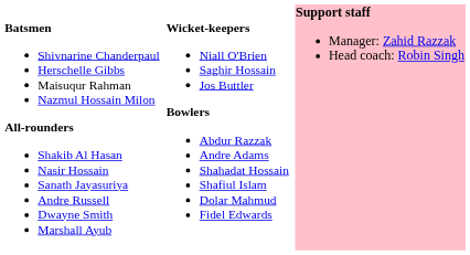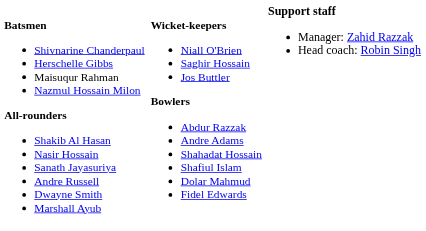 <table class="toccolours" style="text-align: left;">
 <tr>
 </tr>
 <tr>
 <td style="font-size: 95%;" valign="top"><br><strong>Batsmen</strong><ul><li>  <a href='#'>Shivnarine Chanderpaul</a></li><li>  <a href='#'>Herschelle Gibbs</a></li><li>  Maisuqur Rahman</li><li>  <a href='#'>Nazmul Hossain Milon</a></li></ul><strong>All-rounders</strong><ul><li>  <a href='#'>Shakib Al Hasan</a></li><li>  <a href='#'>Nasir Hossain</a></li><li>  <a href='#'>Sanath Jayasuriya</a></li><li>  <a href='#'>Andre Russell</a></li><li>  <a href='#'>Dwayne Smith</a></li><li>  <a href='#'>Marshall Ayub</a></li></ul></td>
 <td></td>
 <td style="font-size: 95%;" valign="top"><br><strong>Wicket-keepers</strong><ul><li>  <a href='#'>Niall O'Brien</a></li><li>  <a href='#'>Saghir Hossain</a></li><li>  <a href='#'>Jos Buttler</a></li></ul><strong>Bowlers</strong><ul><li>  <a href='#'>Abdur Razzak</a></li><li> <a href='#'>Andre Adams</a></li><li>  <a href='#'>Shahadat Hossain</a></li><li>  <a href='#'>Shafiul Islam</a></li><li>  <a href='#'>Dolar Mahmud</a></li><li>  <a href='#'>Fidel Edwards</a></li></ul></td>
 <td></td>
-<td valign="top" style="background: pink;"><strong>Support staff</strong><br><ul><li>Manager:   <a href='#'>Zahid Razzak</a></li><li>Head coach:  <a href='#'>Robin Singh</a></li></ul></td>
+<td valign="top"><strong>Support staff</strong><br><ul><li>Manager:   <a href='#'>Zahid Razzak</a></li><li>Head coach:  <a href='#'>Robin Singh</a></li></ul></td>
 </tr>
 <tr>
 </tr>
 </table>
